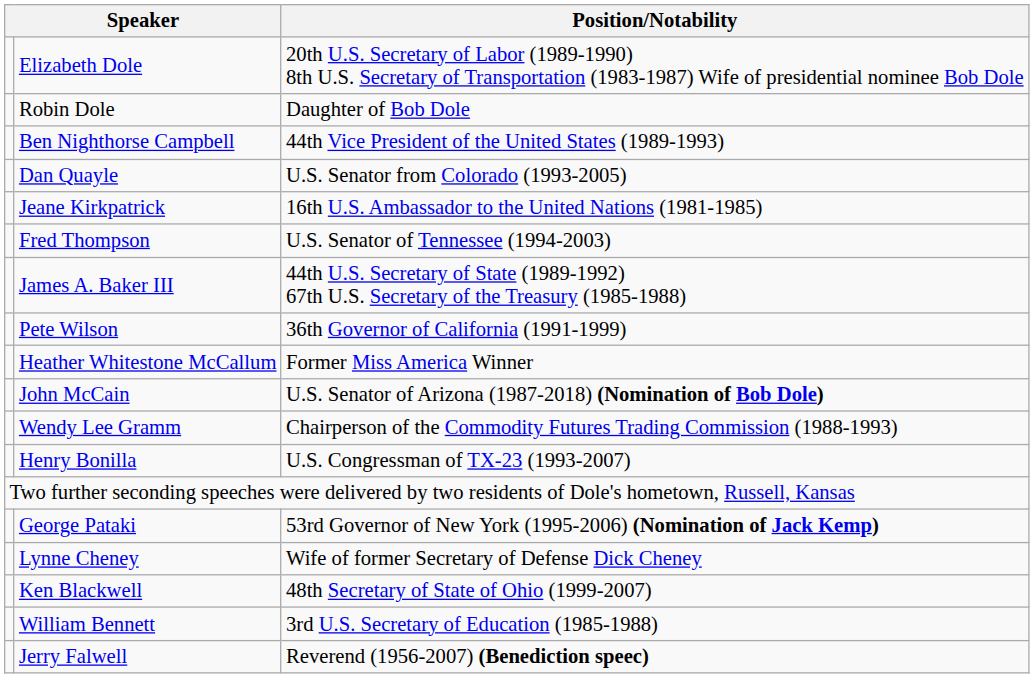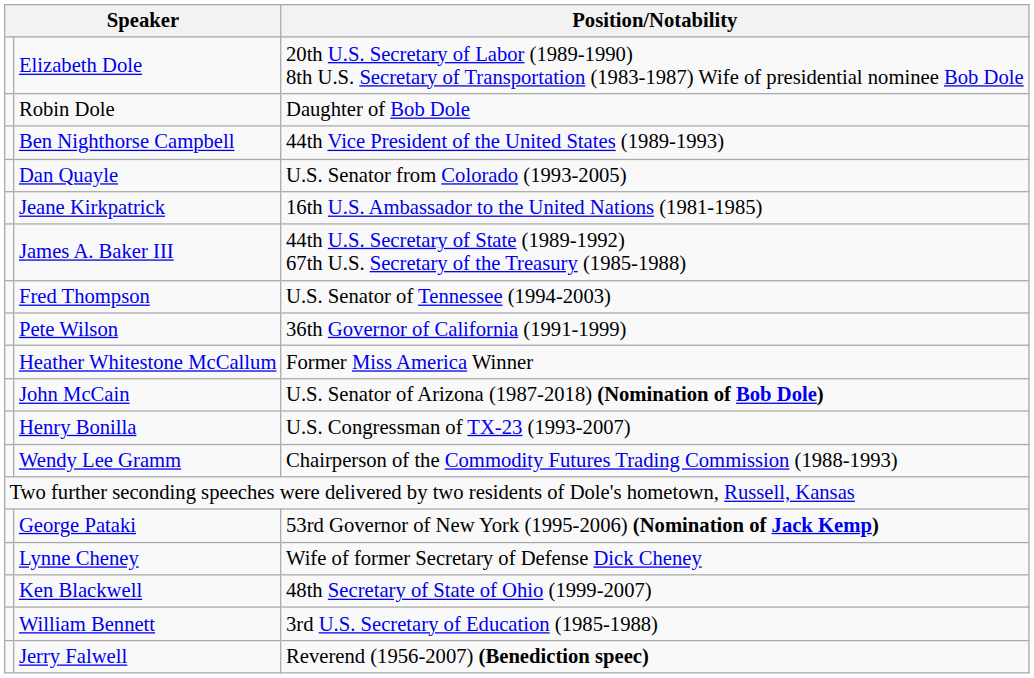 <table class="wikitable">
 <tr>
 <th colspan="2">Speaker</th>
 <th>Position/Notability</th>
 </tr>
 <tr>
 <td></td>
 <td><a href='#'>Elizabeth Dole</a></td>
 <td>20th <a href='#'>U.S. Secretary of Labor</a> (1989-1990)<br>8th U.S. <a href='#'>Secretary of Transportation</a> (1983-1987) Wife of presidential nominee <a href='#'>Bob Dole</a></td>
 </tr>
 <tr>
 <td></td>
 <td>Robin Dole</td>
 <td>Daughter of <a href='#'>Bob Dole</a></td>
 </tr>
 <tr>
 <td></td>
 <td><a href='#'>Ben Nighthorse Campbell</a></td>
 <td>44th <a href='#'>Vice President of the United States</a> (1989-1993)</td>
 </tr>
 <tr>
 <td></td>
 <td><a href='#'>Dan Quayle</a></td>
 <td>U.S. Senator from <a href='#'>Colorado</a> (1993-2005)</td>
 </tr>
 <tr>
 <td></td>
 <td><a href='#'>Jeane Kirkpatrick</a></td>
 <td>16th <a href='#'>U.S. Ambassador to the United Nations</a> (1981-1985)</td>
 </tr>
 <tr>
 <td></td>
-<td><a href='#'>Fred Thompson</a></td>
-<td>U.S. Senator of <a href='#'>Tennessee</a> (1994-2003)</td>
+<td><a href='#'>James A. Baker III</a></td>
+<td>44th <a href='#'>U.S. Secretary of State</a> (1989-1992)<br>67th U.S. <a href='#'>Secretary of the Treasury</a> (1985-1988)</td>
 </tr>
 <tr>
 <td></td>
-<td><a href='#'>James A. Baker III</a></td>
-<td>44th <a href='#'>U.S. Secretary of State</a> (1989-1992)<br>67th U.S. <a href='#'>Secretary of the Treasury</a> (1985-1988)</td>
+<td><a href='#'>Fred Thompson</a></td>
+<td>U.S. Senator of <a href='#'>Tennessee</a> (1994-2003)</td>
 </tr>
 <tr>
 <td></td>
 <td><a href='#'>Pete Wilson</a></td>
 <td>36th <a href='#'>Governor of California</a> (1991-1999)</td>
 </tr>
 <tr>
 <td></td>
 <td><a href='#'>Heather Whitestone McCallum</a></td>
 <td>Former <a href='#'>Miss America</a> Winner</td>
 </tr>
 <tr>
 <td></td>
 <td><a href='#'>John McCain</a></td>
 <td>U.S. Senator of Arizona (1987-2018) <strong>(Nomination of <a href='#'>Bob Dole</a>)</strong></td>
 </tr>
 <tr>
 <td></td>
-<td><a href='#'>Wendy Lee Gramm</a></td>
-<td>Chairperson of the <a href='#'>Commodity Futures Trading Commission</a> (1988-1993)</td>
+<td><a href='#'>Henry Bonilla</a></td>
+<td>U.S. Congressman of <a href='#'>TX-23</a> (1993-2007)</td>
 </tr>
 <tr>
 <td></td>
-<td><a href='#'>Henry Bonilla</a></td>
-<td>U.S. Congressman of <a href='#'>TX-23</a> (1993-2007)</td>
+<td><a href='#'>Wendy Lee Gramm</a></td>
+<td>Chairperson of the <a href='#'>Commodity Futures Trading Commission</a> (1988-1993)</td>
 </tr>
 <tr>
 <td colspan="3">Two further seconding speeches were delivered by two residents of Dole's hometown, <a href='#'>Russell, Kansas</a></td>
 </tr>
 <tr>
 <td></td>
 <td><a href='#'>George Pataki</a></td>
 <td>53rd Governor of New York (1995-2006) <strong>(Nomination of <a href='#'>Jack Kemp</a>)</strong></td>
 </tr>
 <tr>
 <td></td>
 <td><a href='#'>Lynne Cheney</a></td>
 <td>Wife of former Secretary of Defense <a href='#'>Dick Cheney</a></td>
 </tr>
 <tr>
 <td></td>
 <td><a href='#'>Ken Blackwell</a></td>
 <td>48th <a href='#'>Secretary of State of Ohio</a> (1999-2007)</td>
 </tr>
 <tr>
 <td></td>
 <td><a href='#'>William Bennett</a></td>
 <td>3rd <a href='#'>U.S. Secretary of Education</a> (1985-1988)</td>
 </tr>
 <tr>
 <td></td>
 <td><a href='#'>Jerry Falwell</a></td>
 <td>Reverend (1956-2007) <strong>(Benediction speec)</strong></td>
 </tr>
 </table>
